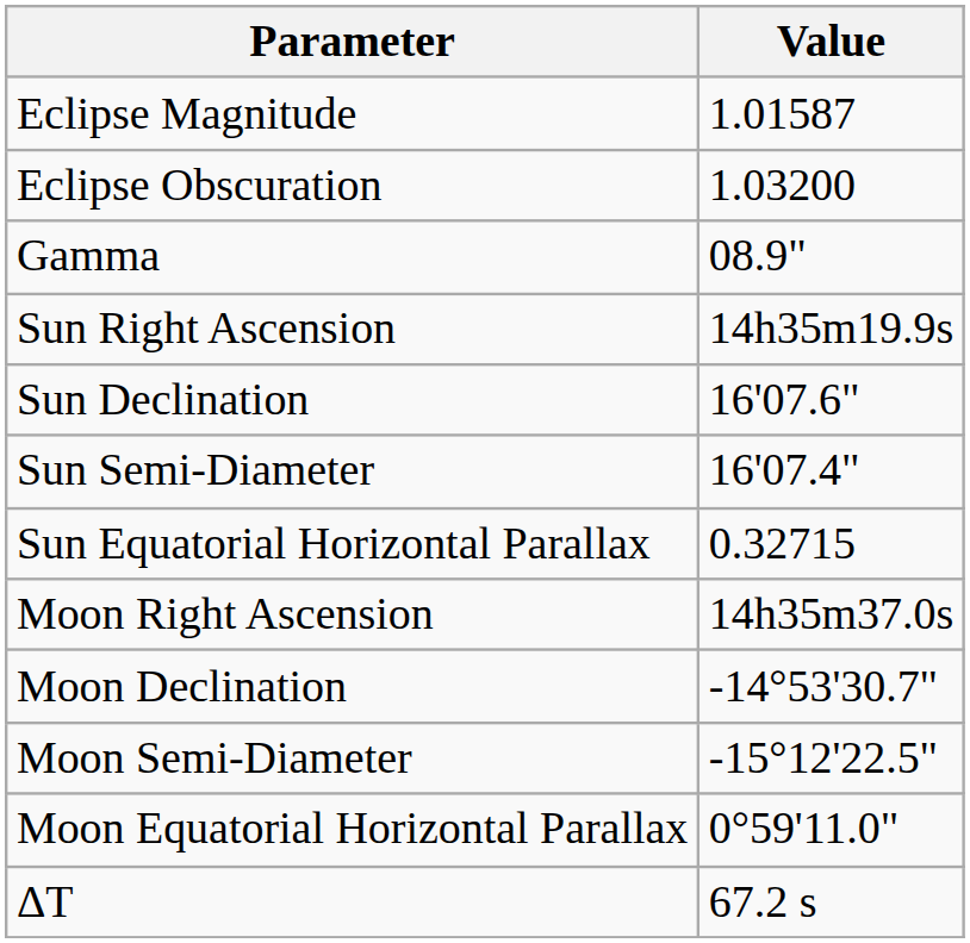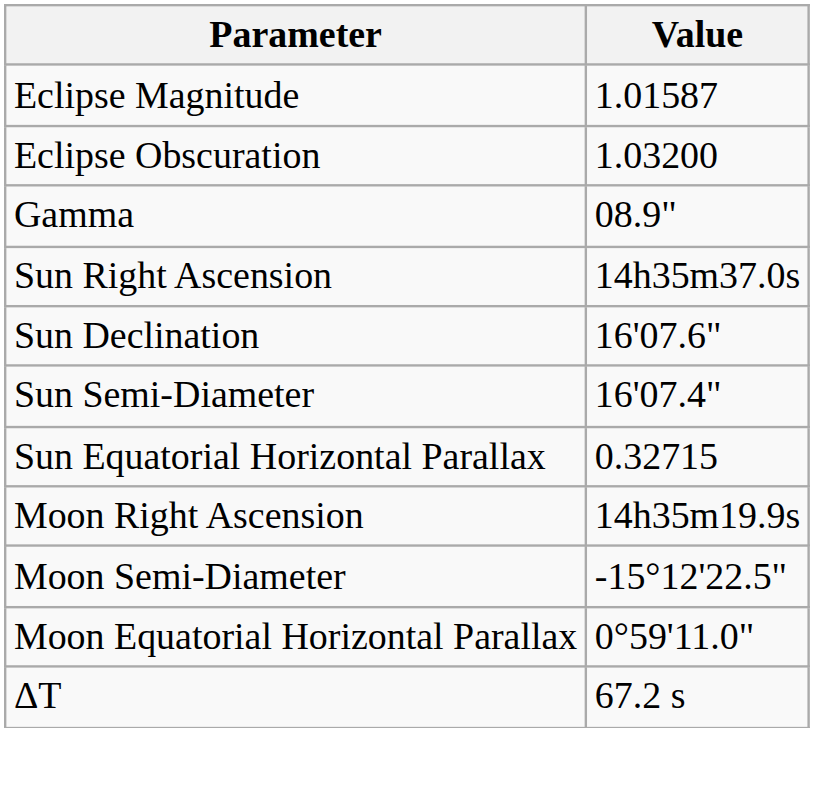 <table class="wikitable">
 <tr>
 <th>Parameter</th>
 <th>Value</th>
 </tr>
 <tr>
 <td>Eclipse Magnitude</td>
 <td>1.01587</td>
 </tr>
 <tr>
 <td>Eclipse Obscuration</td>
 <td>1.03200</td>
 </tr>
 <tr>
 <td>Gamma</td>
 <td>08.9"</td>
 </tr>
 <tr>
 <td>Sun Right Ascension</td>
-<td>14h35m19.9s</td>
+<td>14h35m37.0s</td>
 </tr>
 <tr>
 <td>Sun Declination</td>
 <td>16'07.6"</td>
 </tr>
 <tr>
 <td>Sun Semi-Diameter</td>
 <td>16'07.4"</td>
 </tr>
 <tr>
 <td>Sun Equatorial Horizontal Parallax</td>
 <td>0.32715</td>
 </tr>
 <tr>
 <td>Moon Right Ascension</td>
-<td>14h35m37.0s</td>
-</tr>
-<tr>
-<td>Moon Declination</td>
-<td>-14°53'30.7"</td>
+<td>14h35m19.9s</td>
 </tr>
 <tr>
 <td>Moon Semi-Diameter</td>
 <td>-15°12'22.5"</td>
 </tr>
 <tr>
 <td>Moon Equatorial Horizontal Parallax</td>
 <td>0°59'11.0"</td>
 </tr>
 <tr>
 <td>ΔT</td>
 <td>67.2 s</td>
 </tr>
 </table>
